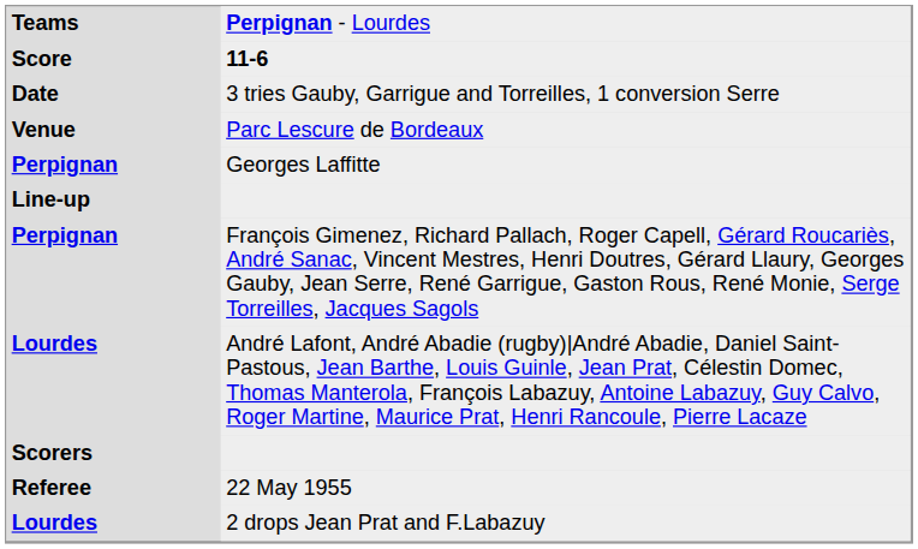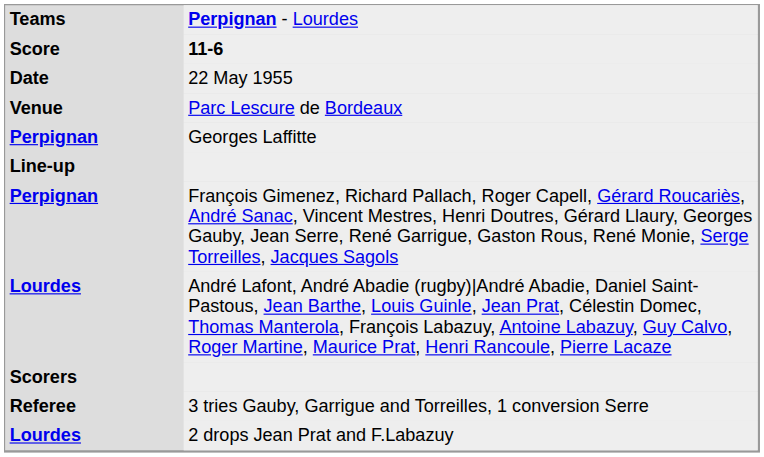 <table align="left" cellpadding="4" cellspacing="0"  style="margin: 0 0 0 0; border: 1px solid #999; border-right-width: 2px; border-bottom-width: 2px; background-color: #DDDDDD">
 <tr>
 <td width="150" valign="top"><strong>Teams</strong></td>
 <td width="500" bgcolor=#EEEEEE><strong><a href='#'>Perpignan</a></strong> - <a href='#'>Lourdes</a></td>
 </tr>
 <tr>
 <td valign="top"><strong>Score</strong></td>
 <td bgcolor=#EEEEEE><strong>11-6</strong></td>
 </tr>
 <tr>
 <td valign="top"><strong>Date</strong></td>
-<td bgcolor=#EEEEEE>3 tries Gauby, Garrigue and Torreilles, 1 conversion Serre</td>
+<td bgcolor=#EEEEEE>22 May 1955</td>
 </tr>
 <tr>
 <td valign="top"><strong>Venue</strong></td>
 <td bgcolor=#EEEEEE><a href='#'>Parc Lescure</a> de <a href='#'>Bordeaux</a></td>
 </tr>
 <tr>
 <td valign="top"><strong><a href='#'>Perpignan</a>  </strong></td>
 <td bgcolor=#EEEEEE>Georges Laffitte</td>
 </tr>
 <tr>
 <td valign="top"><strong>Line-up</strong></td>
 <td bgcolor=#EEEEEE></td>
 </tr>
 <tr>
 <td valign="top"><strong> <a href='#'>Perpignan</a> </strong></td>
 <td bgcolor=#EEEEEE>François Gimenez, Richard Pallach, Roger Capell, <a href='#'>Gérard Roucariès</a>, <a href='#'>André Sanac</a>, Vincent Mestres, Henri Doutres,  Gérard Llaury, Georges Gauby, Jean Serre, René Garrigue, Gaston Rous, René Monie, <a href='#'>Serge Torreilles</a>, <a href='#'>Jacques Sagols</a></td>
 </tr>
 <tr>
 <td valign="top"><strong><a href='#'>Lourdes</a></strong></td>
 <td bgcolor=#EEEEEE>André Lafont, André Abadie (rugby)|André Abadie, Daniel Saint-Pastous, <a href='#'>Jean Barthe</a>, <a href='#'>Louis Guinle</a>, <a href='#'>Jean Prat</a>, Célestin Domec, <a href='#'>Thomas Manterola</a>, François Labazuy, <a href='#'>Antoine Labazuy</a>, <a href='#'>Guy Calvo</a>, <a href='#'>Roger Martine</a>, <a href='#'>Maurice Prat</a>, <a href='#'>Henri Rancoule</a>, <a href='#'>Pierre Lacaze</a></td>
 </tr>
 <tr>
 <td valign="top"><strong>Scorers</strong></td>
 <td bgcolor=#EEEEEE></td>
 </tr>
 <tr>
 <td valign="top"><strong>Referee</strong></td>
-<td bgcolor=#EEEEEE>22 May 1955</td>
+<td bgcolor=#EEEEEE>3 tries Gauby, Garrigue and Torreilles, 1 conversion Serre</td>
 </tr>
 <tr>
 <td valign="top"><strong><a href='#'>Lourdes</a></strong></td>
 <td bgcolor=#EEEEEE>2 drops Jean Prat and F.Labazuy</td>
 </tr>
 </table>
